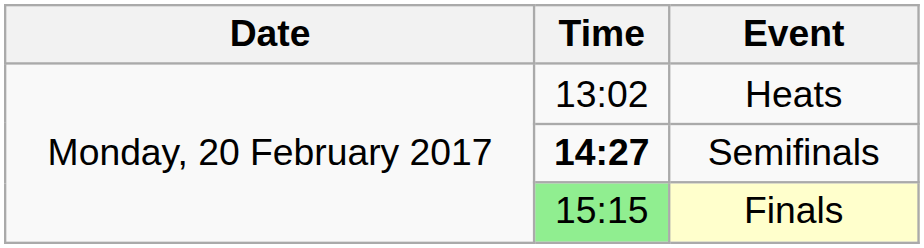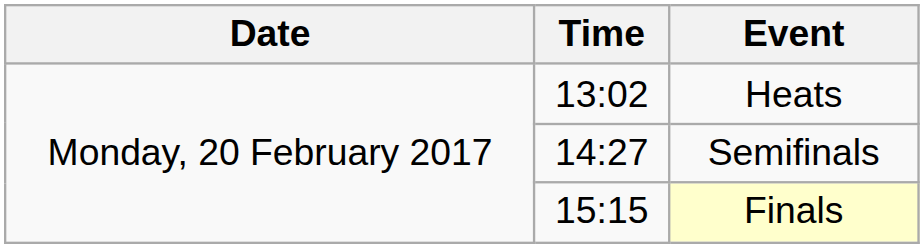 <table class = "wikitable" style="text-align:center;">
 <tr>
 <th width=220>Date</th>
 <th width=50>Time</th>
 <th width=100>Event</th>
 </tr>
 <tr>
 <td rowspan=3>Monday, 20 February 2017</td>
 <td>13:02</td>
 <td>Heats</td>
 </tr>
 <tr>
-<td><strong>14:27</strong></td>
+<td>14:27</td>
 <td>Semifinals</td>
 </tr>
 <tr>
-<td style="background: lightgreen;">15:15</td>
+<td>15:15</td>
 <td bgcolor=ffffcc>Finals</td>
 </tr>
 </table>
